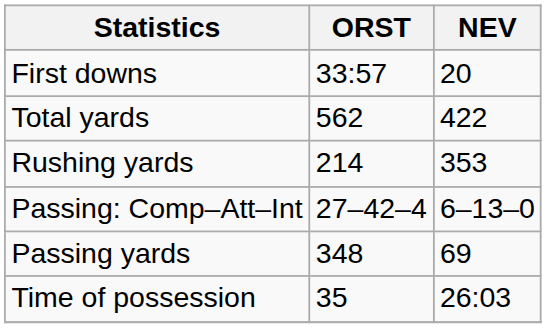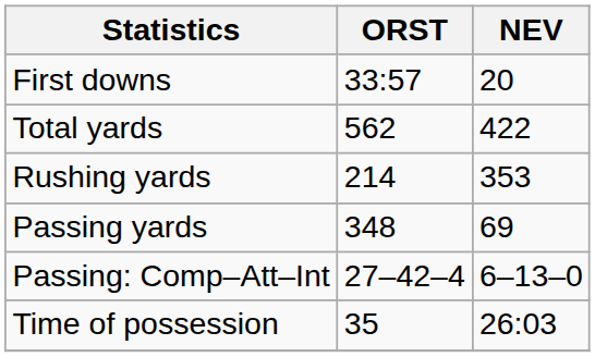 <table class="wikitable" style="float: left;">
 <tr>
 <th>Statistics</th>
 <th>ORST</th>
 <th>NEV</th>
 </tr>
 <tr>
 <td>First downs</td>
 <td>33:57</td>
 <td>20</td>
 </tr>
 <tr>
 <td>Total yards</td>
 <td>562</td>
 <td>422</td>
 </tr>
 <tr>
 <td>Rushing yards</td>
 <td>214</td>
 <td>353</td>
 </tr>
 <tr>
+<td>Passing yards</td>
+<td>348</td>
+<td>69</td>
+</tr>
+<tr>
 <td>Passing: Comp–Att–Int</td>
 <td>27–42–4</td>
 <td>6–13–0</td>
-</tr>
-<tr>
-<td>Passing yards</td>
-<td>348</td>
-<td>69</td>
 </tr>
 <tr>
 <td>Time of possession</td>
 <td>35</td>
 <td>26:03</td>
 </tr>
 <tr>
 </tr>
 </table>
